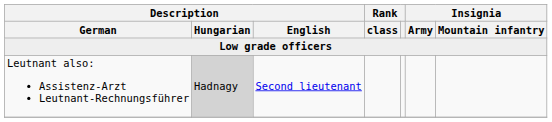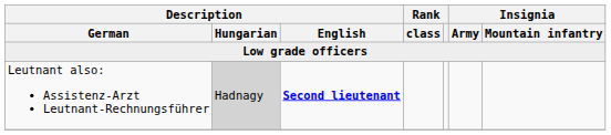 <table class="wikitable">
 <tr ---- bgcolor="#EEEEEE">
 <th colspan="3" align="center">Description</th>
 <th colspan="2" align="center">Rank</th>
 <th colspan="2" align="center">Insignia</th>
 </tr>
 <tr>
 <th>German</th>
 <th>Hungarian</th>
 <th>English</th>
 <th>class</th>
 <th></th>
 <th>Army</th>
 <th>Mountain infantry</th>
 </tr>
 <tr ---- bgcolor="#EEEEEE">
 <td colspan="7" align="center"><strong>Low grade officers</strong></td>
 </tr>
 <tr>
 <td>Leutnant also:<br><ul><li>Assistenz-Arzt</li><li>Leutnant-Rechnungsführer</li></ul></td>
 <td style="background: lightgrey;">Hadnagy</td>
-<td><a href='#'>Second lieutenant</a></td>
+<td><strong><a href='#'>Second lieutenant</a></strong></td>
 <td></td>
 <td></td>
 <td></td>
 <td></td>
 </tr>
 <tr>
 </tr>
 </table>
